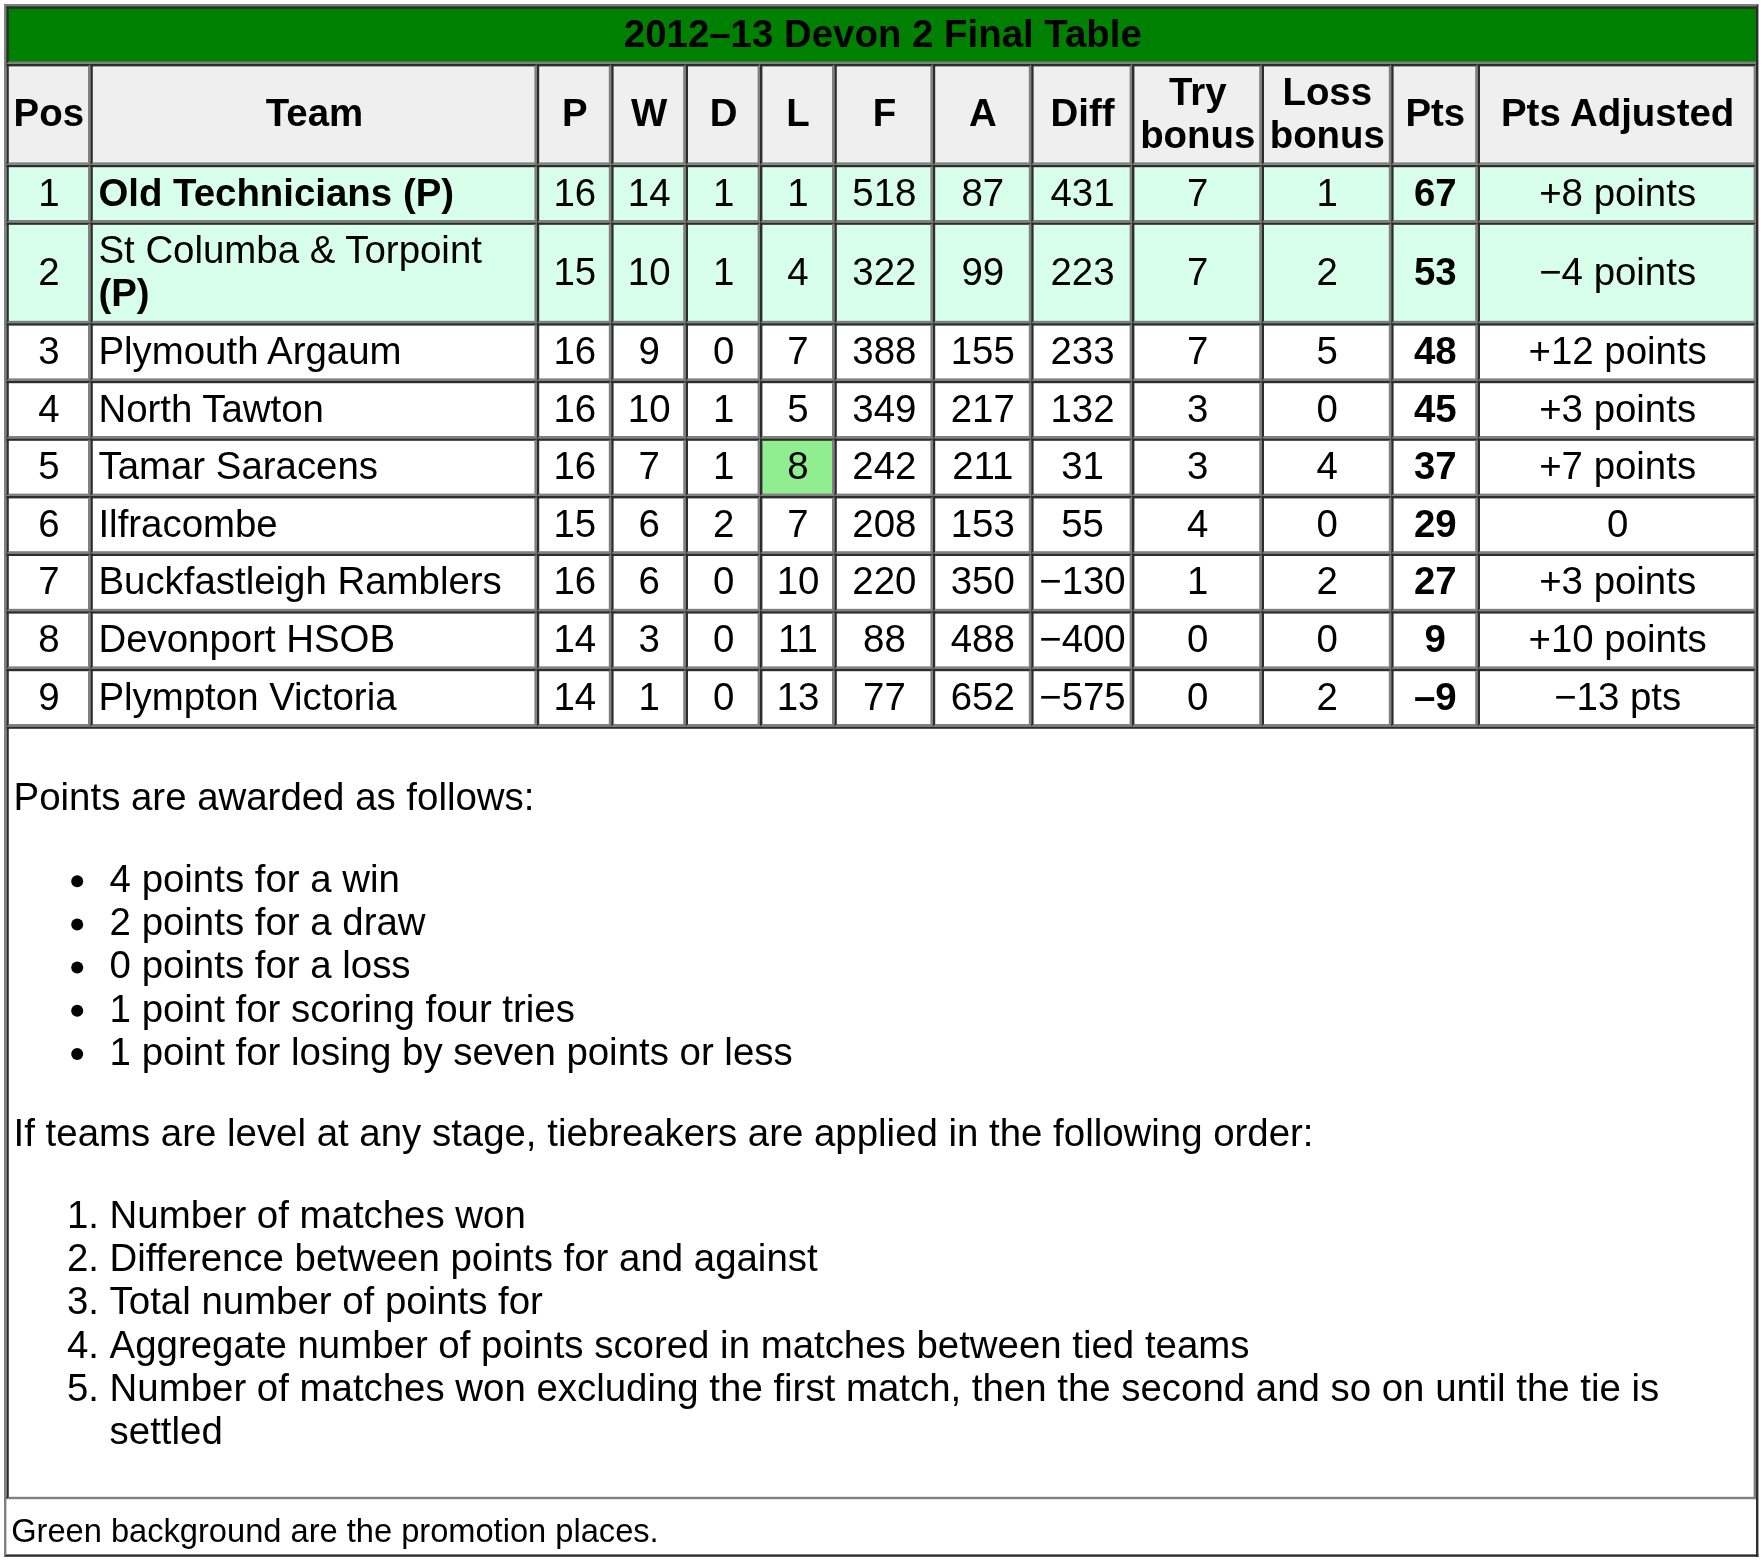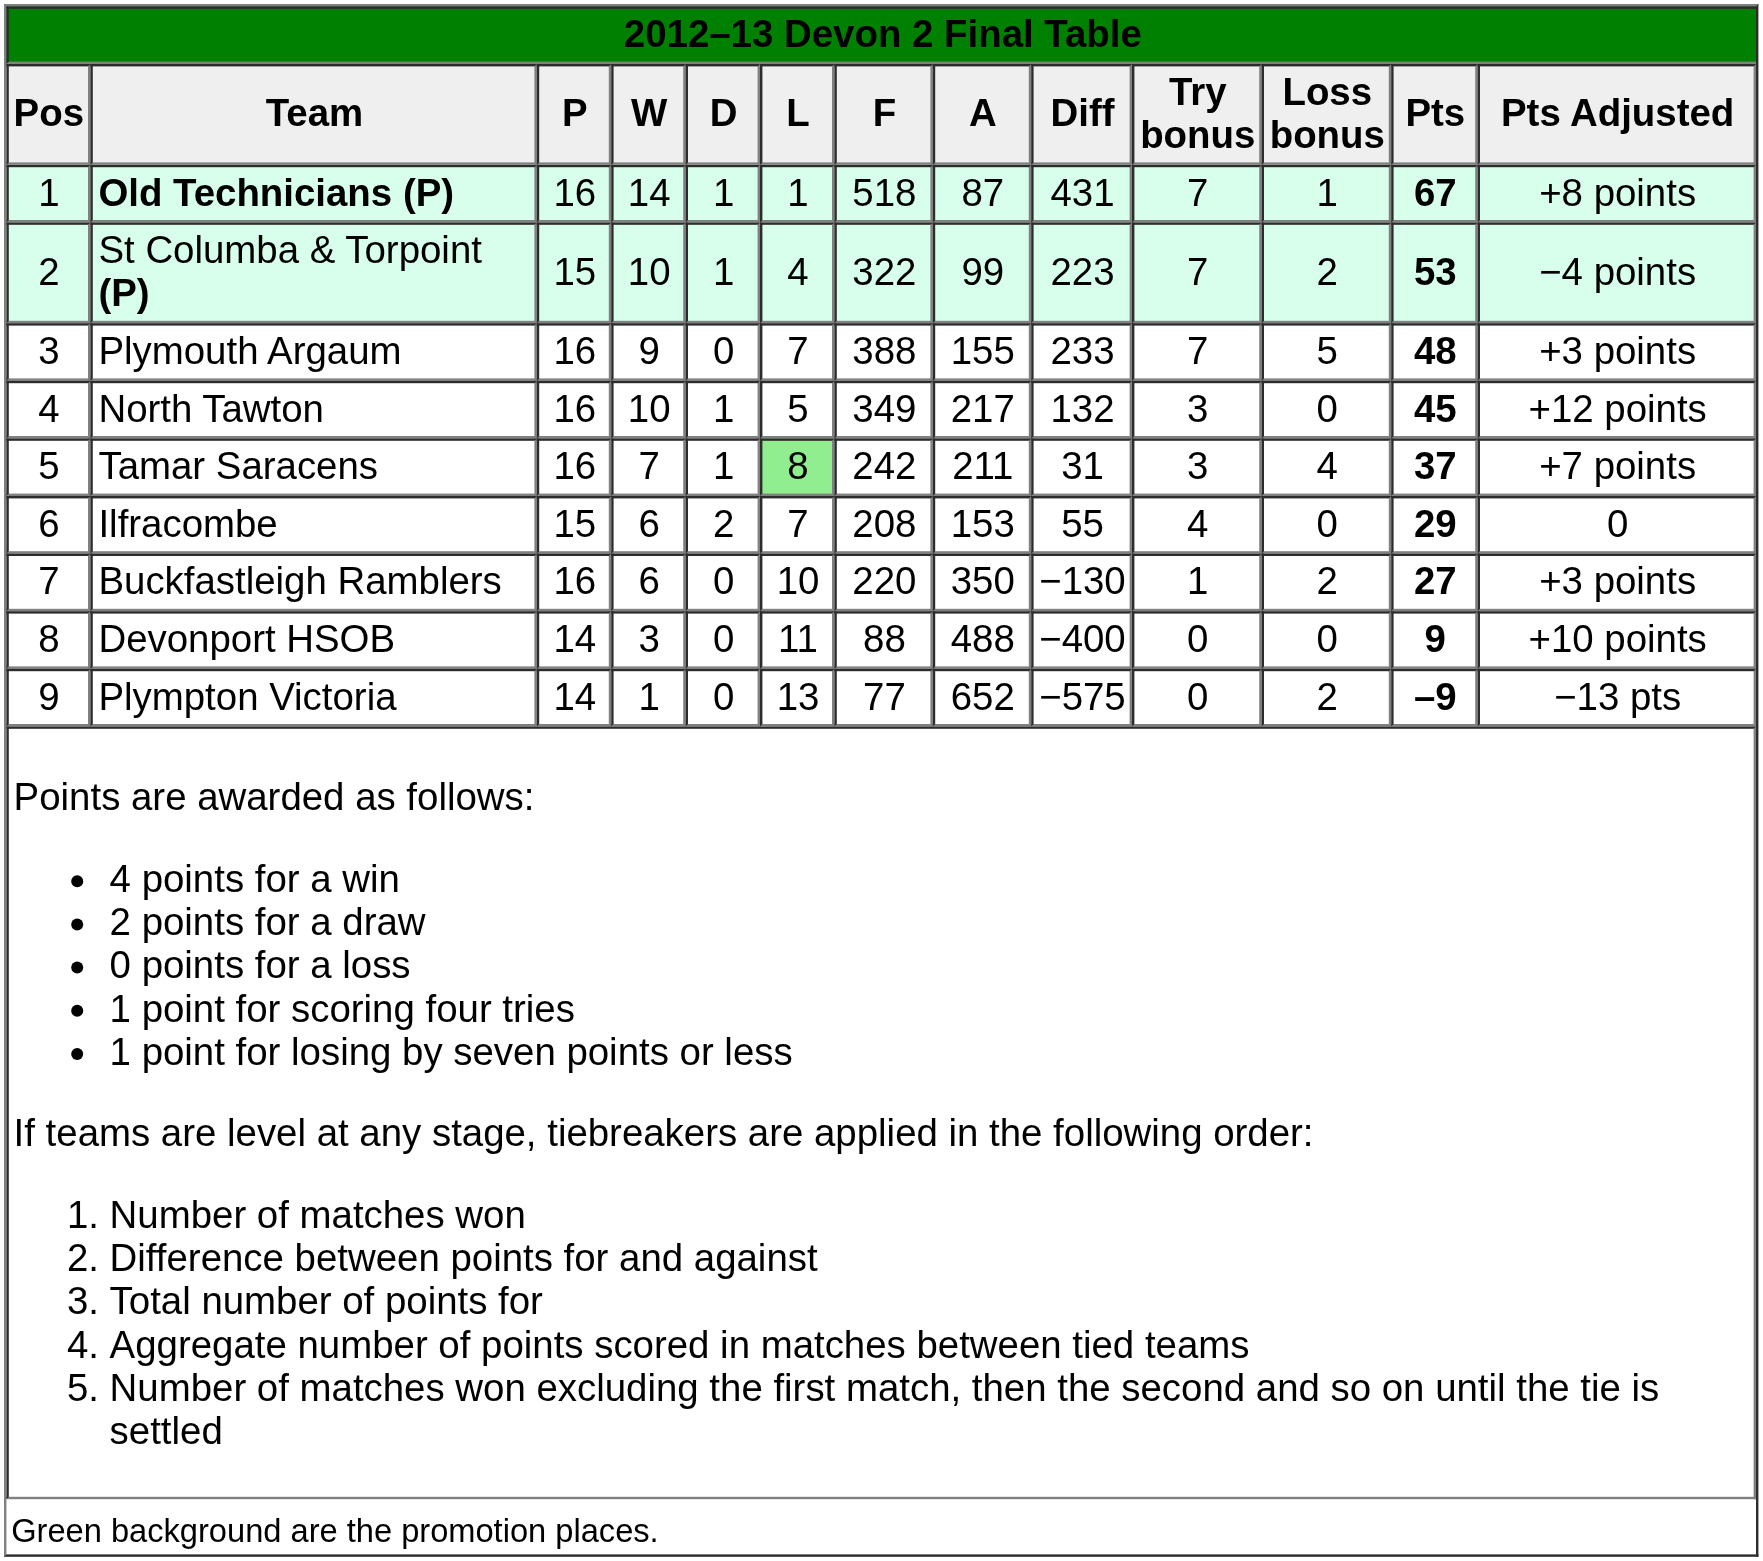 <table border="1" cellpadding="2" cellspacing="0">
 <tr bgcolor="green">
 <th colspan=13 style="border-right:0px;";>2012–13 Devon 2 Final Table</th>
 </tr>
 <tr bgcolor="#efefef">
 <th width="20">Pos</th>
 <th width="180">Team</th>
 <th width="25">P</th>
 <th width="25">W</th>
 <th width="25">D</th>
 <th width="25">L</th>
 <th width="35">F</th>
 <th width="35">A</th>
 <th width="35">Diff</th>
 <th width="35">Try bonus</th>
 <th width="35">Loss bonus</th>
 <th width="30">Pts</th>
 <th width="110">Pts Adjusted</th>
 </tr>
 <tr bgcolor=#d8ffeb align=center>
 <td>1</td>
 <td align=left><strong>Old Technicians</strong> <strong>(P)</strong></td>
 <td>16</td>
 <td>14</td>
 <td>1</td>
 <td>1</td>
 <td>518</td>
 <td>87</td>
 <td>431</td>
 <td>7</td>
 <td>1</td>
 <td><strong>67</strong></td>
 <td>+8 points</td>
 </tr>
 <tr bgcolor=#d8ffeb align=center>
 <td>2</td>
 <td align=left>St Columba & Torpoint <strong>(P)</strong></td>
 <td>15</td>
 <td>10</td>
 <td>1</td>
 <td>4</td>
 <td>322</td>
 <td>99</td>
 <td>223</td>
 <td>7</td>
 <td>2</td>
 <td><strong>53</strong></td>
 <td>−4 points</td>
 </tr>
 <tr align=center>
 <td>3</td>
 <td align=left>Plymouth Argaum</td>
 <td>16</td>
 <td>9</td>
 <td>0</td>
 <td>7</td>
 <td>388</td>
 <td>155</td>
 <td>233</td>
 <td>7</td>
 <td>5</td>
 <td><strong>48</strong></td>
-<td>+12 points</td>
+<td>+3 points</td>
 </tr>
 <tr align=center>
 <td>4</td>
 <td align=left>North Tawton</td>
 <td>16</td>
 <td>10</td>
 <td>1</td>
 <td>5</td>
 <td>349</td>
 <td>217</td>
 <td>132</td>
 <td>3</td>
 <td>0</td>
 <td><strong>45</strong></td>
-<td>+3 points</td>
+<td>+12 points</td>
 </tr>
 <tr align=center>
 <td>5</td>
 <td align=left>Tamar Saracens</td>
 <td>16</td>
 <td>7</td>
 <td>1</td>
 <td style="background: lightgreen;">8</td>
 <td>242</td>
 <td>211</td>
 <td>31</td>
 <td>3</td>
 <td>4</td>
 <td><strong>37</strong></td>
 <td>+7 points</td>
 </tr>
 <tr align=center>
 <td>6</td>
 <td align=left>Ilfracombe</td>
 <td>15</td>
 <td>6</td>
 <td>2</td>
 <td>7</td>
 <td>208</td>
 <td>153</td>
 <td>55</td>
 <td>4</td>
 <td>0</td>
 <td><strong>29</strong></td>
 <td>0</td>
 </tr>
 <tr align=center>
 <td>7</td>
 <td align=left>Buckfastleigh Ramblers</td>
 <td>16</td>
 <td>6</td>
 <td>0</td>
 <td>10</td>
 <td>220</td>
 <td>350</td>
 <td>−130</td>
 <td>1</td>
 <td>2</td>
 <td><strong>27</strong></td>
 <td>+3 points</td>
 </tr>
 <tr align=center>
 <td>8</td>
 <td align=left>Devonport HSOB</td>
 <td>14</td>
 <td>3</td>
 <td>0</td>
 <td>11</td>
 <td>88</td>
 <td>488</td>
 <td>−400</td>
 <td>0</td>
 <td>0</td>
 <td><strong>9</strong></td>
 <td>+10 points</td>
 </tr>
 <tr align=center>
 <td>9</td>
 <td align=left>Plympton Victoria</td>
 <td>14</td>
 <td>1</td>
 <td>0</td>
 <td>13</td>
 <td>77</td>
 <td>652</td>
 <td>−575</td>
 <td>0</td>
 <td>2</td>
 <td><strong>–9</strong></td>
 <td>−13 pts</td>
 </tr>
 <tr align=center>
 </tr>
 <tr bgcolor=#ffffff>
 <td colspan="13"><br>Points are awarded as follows:<ul><li>4 points for a win</li><li>2 points for a draw</li><li>0 points for a loss</li><li>1 point for scoring four tries</li><li>1 point for losing by seven points or less</li></ul>If teams are level at any stage, tiebreakers are applied in the following order:<ol><li>Number of matches won</li><li>Difference between points for and against</li><li>Total number of points for</li><li>Aggregate number of points scored in matches between tied teams</li><li>Number of matches won excluding the first match, then the second and so on until the tie is settled</li></ol></td>
 </tr>
 <tr |align=centre|>
 <td colspan="12" style="border:0px"></td>
 </tr>
 <tr align=centre>
 <td colspan="12" style="border:0px;font-size:85%;" align=centre>Green background are the promotion places.</td>
 </tr>
 </table>
